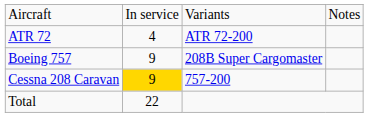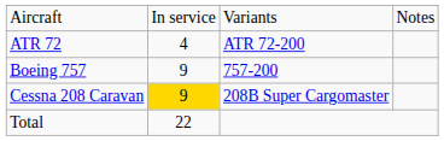 <table class="wikitable" style="margin:1em auto; border-collapse:collapse">
 <tr>
 <td>Aircraft</td>
 <td>In service</td>
 <td>Variants</td>
 <td>Notes</td>
 </tr>
 <tr>
 <td><a href='#'>ATR 72</a></td>
 <td align=center>4</td>
 <td><a href='#'>ATR 72-200</a></td>
 <td></td>
 </tr>
 <tr>
 <td><a href='#'>Boeing 757</a></td>
 <td align=center>9</td>
-<td><a href='#'>208B Super Cargomaster</a></td>
+<td><a href='#'>757-200</a></td>
 <td></td>
 </tr>
 <tr>
 <td><a href='#'>Cessna 208 Caravan</a></td>
 <td align=center style="background: gold;">9</td>
-<td><a href='#'>757-200</a></td>
+<td><a href='#'>208B Super Cargomaster</a></td>
 <td></td>
 </tr>
 <tr>
 <td>Total</td>
 <td align=center>22</td>
 <td colspan=3></td>
 </tr>
 </table>
